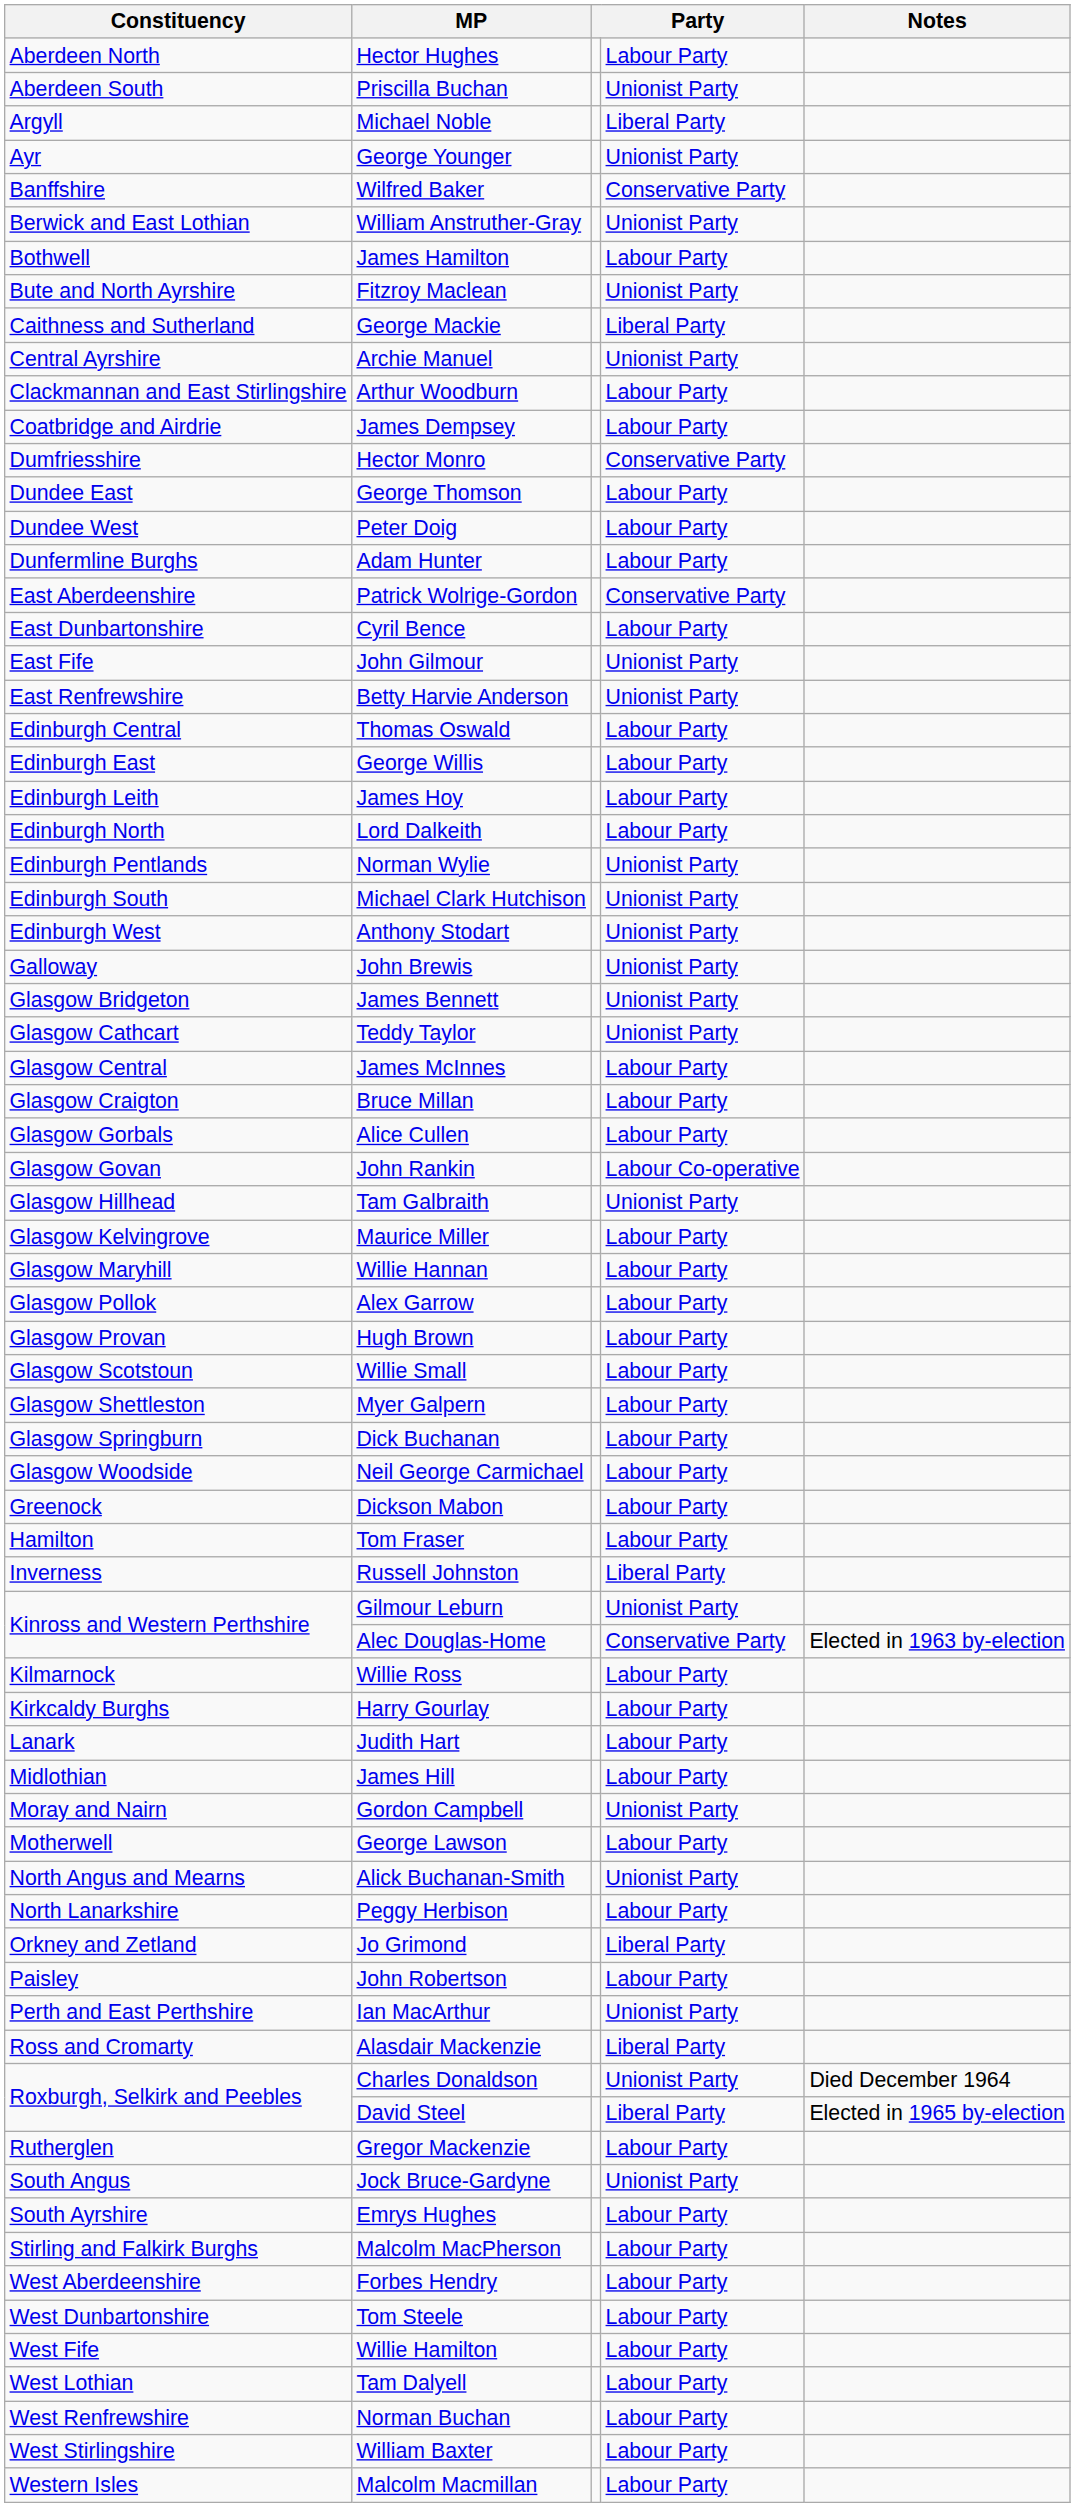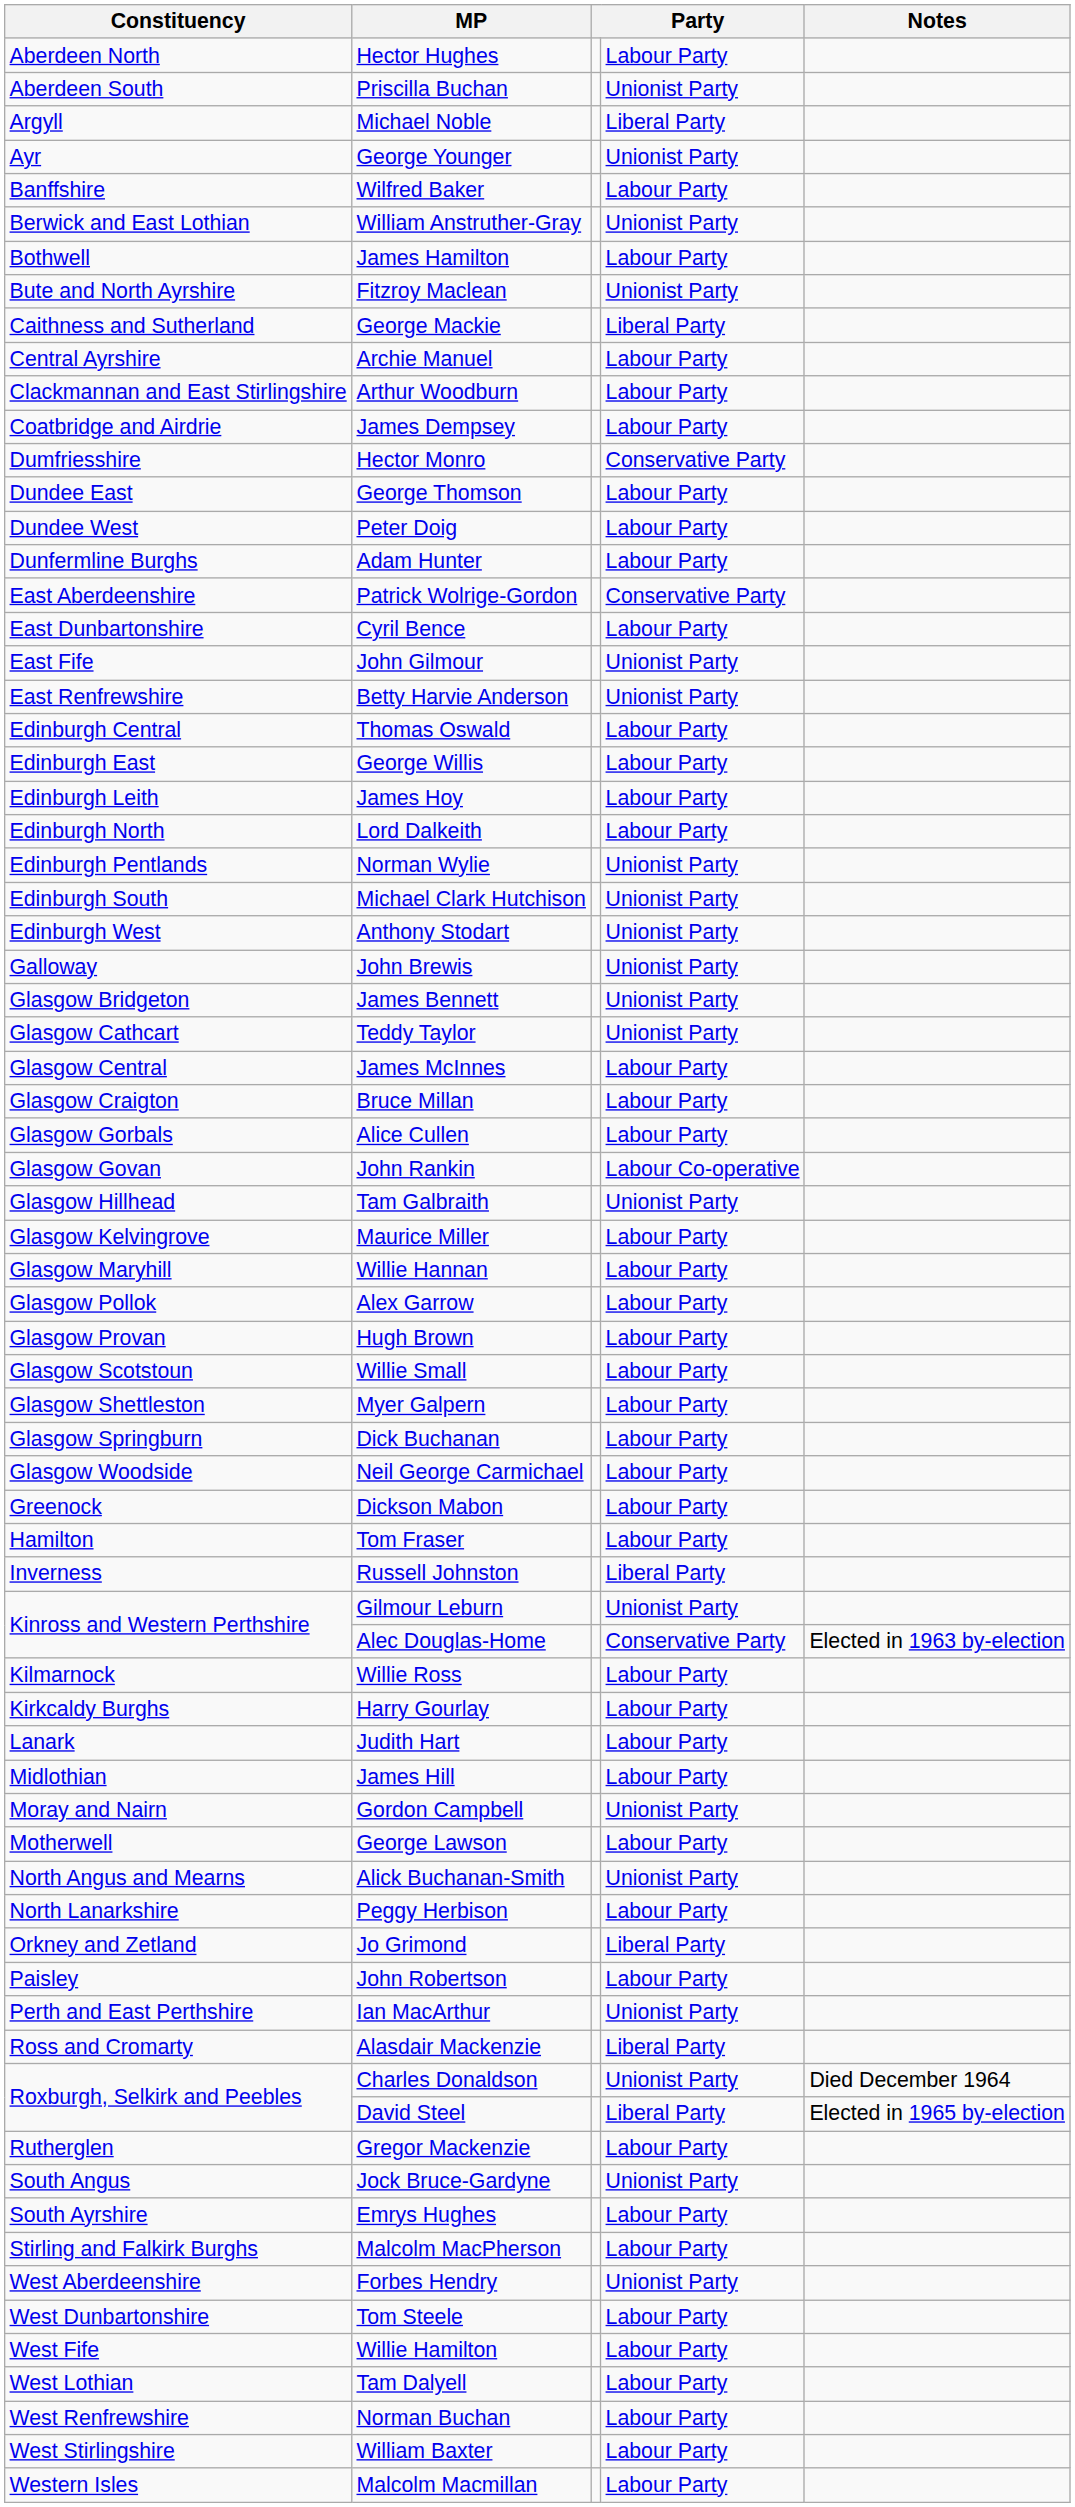 <table class="wikitable sortable">
 <tr>
 <th>Constituency</th>
 <th>MP</th>
 <th colspan="2">Party</th>
 <th>Notes</th>
 </tr>
 <tr>
 <td><a href='#'>Aberdeen North</a></td>
 <td><a href='#'>Hector Hughes</a></td>
 <td style="color:inherit;background:"></td>
 <td><a href='#'>Labour Party</a></td>
 <td></td>
 </tr>
 <tr>
 <td><a href='#'>Aberdeen South</a></td>
 <td><a href='#'>Priscilla Buchan</a></td>
 <td style="color:inherit;background-color: "></td>
 <td><a href='#'>Unionist Party</a></td>
 <td></td>
 </tr>
 <tr>
 <td><a href='#'>Argyll</a></td>
 <td><a href='#'>Michael Noble</a></td>
 <td style="color:inherit;background-color: "></td>
 <td><a href='#'>Liberal Party</a></td>
 <td></td>
 </tr>
 <tr>
 <td><a href='#'>Ayr</a></td>
 <td><a href='#'>George Younger</a></td>
 <td style="color:inherit;background-color: "></td>
 <td><a href='#'>Unionist Party</a></td>
 <td></td>
 </tr>
 <tr>
 <td><a href='#'>Banffshire</a></td>
 <td><a href='#'>Wilfred Baker</a></td>
 <td style="color:inherit;background:"></td>
-<td><a href='#'>Conservative Party</a></td>
+<td><a href='#'>Labour Party</a></td>
 <td></td>
 </tr>
 <tr>
 <td><a href='#'>Berwick and East Lothian</a></td>
 <td><a href='#'>William Anstruther-Gray</a></td>
 <td style="color:inherit;background-color: "></td>
 <td><a href='#'>Unionist Party</a></td>
 <td></td>
 </tr>
 <tr>
 <td><a href='#'>Bothwell</a></td>
 <td><a href='#'>James Hamilton</a></td>
 <td style="color:inherit;background:"></td>
 <td><a href='#'>Labour Party</a></td>
 <td></td>
 </tr>
 <tr>
 <td><a href='#'>Bute and North Ayrshire</a></td>
 <td><a href='#'>Fitzroy Maclean</a></td>
 <td style="color:inherit;background-color: "></td>
 <td><a href='#'>Unionist Party</a></td>
 <td></td>
 </tr>
 <tr>
 <td><a href='#'>Caithness and Sutherland</a></td>
 <td><a href='#'>George Mackie</a></td>
 <td style="background-color: "></td>
 <td><a href='#'>Liberal Party</a></td>
 <td></td>
 </tr>
 <tr>
 <td><a href='#'>Central Ayrshire</a></td>
 <td><a href='#'>Archie Manuel</a></td>
 <td style="color:inherit;background:"></td>
-<td><a href='#'>Unionist Party</a></td>
+<td><a href='#'>Labour Party</a></td>
 <td></td>
 </tr>
 <tr>
 <td><a href='#'>Clackmannan and East Stirlingshire</a></td>
 <td><a href='#'>Arthur Woodburn</a></td>
 <td style="color:inherit;background:"></td>
 <td><a href='#'>Labour Party</a></td>
 <td></td>
 </tr>
 <tr>
 <td><a href='#'>Coatbridge and Airdrie</a></td>
 <td><a href='#'>James Dempsey</a></td>
 <td style="color:inherit;background:"></td>
 <td><a href='#'>Labour Party</a></td>
 <td></td>
 </tr>
 <tr>
 <td><a href='#'>Dumfriesshire</a></td>
 <td><a href='#'>Hector Monro</a></td>
 <td style="color:inherit;background:"></td>
 <td><a href='#'>Conservative Party</a></td>
 <td></td>
 </tr>
 <tr>
 <td><a href='#'>Dundee East</a></td>
 <td><a href='#'>George Thomson</a></td>
 <td style="color:inherit;background:"></td>
 <td><a href='#'>Labour Party</a></td>
 <td></td>
 </tr>
 <tr>
 <td><a href='#'>Dundee West</a></td>
 <td><a href='#'>Peter Doig</a></td>
 <td style="color:inherit;background:"></td>
 <td><a href='#'>Labour Party</a></td>
 <td></td>
 </tr>
 <tr>
 <td><a href='#'>Dunfermline Burghs</a></td>
 <td><a href='#'>Adam Hunter</a></td>
 <td style="color:inherit;background:"></td>
 <td><a href='#'>Labour Party</a></td>
 <td></td>
 </tr>
 <tr>
 <td><a href='#'>East Aberdeenshire</a></td>
 <td><a href='#'>Patrick Wolrige-Gordon</a></td>
 <td style="color:inherit;background:"></td>
 <td><a href='#'>Conservative Party</a></td>
 <td></td>
 </tr>
 <tr>
 <td><a href='#'>East Dunbartonshire</a></td>
 <td><a href='#'>Cyril Bence</a></td>
 <td style="color:inherit;background:"></td>
 <td><a href='#'>Labour Party</a></td>
 <td></td>
 </tr>
 <tr>
 <td><a href='#'>East Fife</a></td>
 <td><a href='#'>John Gilmour</a></td>
 <td style="color:inherit;background-color: "></td>
 <td><a href='#'>Unionist Party</a></td>
 <td></td>
 </tr>
 <tr>
 <td><a href='#'>East Renfrewshire</a></td>
 <td><a href='#'>Betty Harvie Anderson</a></td>
 <td style="color:inherit;background-color: "></td>
 <td><a href='#'>Unionist Party</a></td>
 <td></td>
 </tr>
 <tr>
 <td><a href='#'>Edinburgh Central</a></td>
 <td><a href='#'>Thomas Oswald</a></td>
 <td style="color:inherit;background:"></td>
 <td><a href='#'>Labour Party</a></td>
 <td></td>
 </tr>
 <tr>
 <td><a href='#'>Edinburgh East</a></td>
 <td><a href='#'>George Willis</a></td>
 <td style="color:inherit;background:"></td>
 <td><a href='#'>Labour Party</a></td>
 <td></td>
 </tr>
 <tr>
 <td><a href='#'>Edinburgh Leith</a></td>
 <td><a href='#'>James Hoy</a></td>
 <td style="color:inherit;background:"></td>
 <td><a href='#'>Labour Party</a></td>
 <td></td>
 </tr>
 <tr>
 <td><a href='#'>Edinburgh North</a></td>
 <td><a href='#'>Lord Dalkeith</a></td>
 <td style="color:inherit;background-color: "></td>
 <td><a href='#'>Labour Party</a></td>
 <td></td>
 </tr>
 <tr>
 <td><a href='#'>Edinburgh Pentlands</a></td>
 <td><a href='#'>Norman Wylie</a></td>
 <td style="color:inherit;background-color: "></td>
 <td><a href='#'>Unionist Party</a></td>
 <td></td>
 </tr>
 <tr>
 <td><a href='#'>Edinburgh South</a></td>
 <td><a href='#'>Michael Clark Hutchison</a></td>
 <td style="color:inherit;background-color: "></td>
 <td><a href='#'>Unionist Party</a></td>
 <td></td>
 </tr>
 <tr>
 <td><a href='#'>Edinburgh West</a></td>
 <td><a href='#'>Anthony Stodart</a></td>
 <td style="color:inherit;background-color: "></td>
 <td><a href='#'>Unionist Party</a></td>
 <td></td>
 </tr>
 <tr>
 <td><a href='#'>Galloway</a></td>
 <td><a href='#'>John Brewis</a></td>
 <td style="color:inherit;background-color: "></td>
 <td><a href='#'>Unionist Party</a></td>
 <td></td>
 </tr>
 <tr>
 <td><a href='#'>Glasgow Bridgeton</a></td>
 <td><a href='#'>James Bennett</a></td>
 <td style="color:inherit;background:"></td>
 <td><a href='#'>Unionist Party</a></td>
 <td></td>
 </tr>
 <tr>
 <td><a href='#'>Glasgow Cathcart</a></td>
 <td><a href='#'>Teddy Taylor</a></td>
 <td style="color:inherit;background-color: "></td>
 <td><a href='#'>Unionist Party</a></td>
 <td></td>
 </tr>
 <tr>
 <td><a href='#'>Glasgow Central</a></td>
 <td><a href='#'>James McInnes</a></td>
 <td style="color:inherit;background:"></td>
 <td><a href='#'>Labour Party</a></td>
 <td></td>
 </tr>
 <tr>
 <td><a href='#'>Glasgow Craigton</a></td>
 <td><a href='#'>Bruce Millan</a></td>
 <td style="color:inherit;background:"></td>
 <td><a href='#'>Labour Party</a></td>
 <td></td>
 </tr>
 <tr>
 <td><a href='#'>Glasgow Gorbals</a></td>
 <td><a href='#'>Alice Cullen</a></td>
 <td style="color:inherit;background:"></td>
 <td><a href='#'>Labour Party</a></td>
 <td></td>
 </tr>
 <tr>
 <td><a href='#'>Glasgow Govan</a></td>
 <td><a href='#'>John Rankin</a></td>
 <td style="color:inherit;background:"></td>
 <td><a href='#'>Labour Co-operative</a></td>
 <td></td>
 </tr>
 <tr>
 <td><a href='#'>Glasgow Hillhead</a></td>
 <td><a href='#'>Tam Galbraith</a></td>
 <td style="color:inherit;background-color: "></td>
 <td><a href='#'>Unionist Party</a></td>
 <td></td>
 </tr>
 <tr>
 <td><a href='#'>Glasgow Kelvingrove</a></td>
 <td><a href='#'>Maurice Miller</a></td>
 <td style="color:inherit;background:"></td>
 <td><a href='#'>Labour Party</a></td>
 <td></td>
 </tr>
 <tr>
 <td><a href='#'>Glasgow Maryhill</a></td>
 <td><a href='#'>Willie Hannan</a></td>
 <td style="color:inherit;background:"></td>
 <td><a href='#'>Labour Party</a></td>
 <td></td>
 </tr>
 <tr>
 <td><a href='#'>Glasgow Pollok</a></td>
 <td><a href='#'>Alex Garrow</a></td>
 <td style="color:inherit;background:"></td>
 <td><a href='#'>Labour Party</a></td>
 <td></td>
 </tr>
 <tr>
 <td><a href='#'>Glasgow Provan</a></td>
 <td><a href='#'>Hugh Brown</a></td>
 <td style="color:inherit;background:"></td>
 <td><a href='#'>Labour Party</a></td>
 <td></td>
 </tr>
 <tr>
 <td><a href='#'>Glasgow Scotstoun</a></td>
 <td><a href='#'>Willie Small</a></td>
 <td style="color:inherit;background:"></td>
 <td><a href='#'>Labour Party</a></td>
 <td></td>
 </tr>
 <tr>
 <td><a href='#'>Glasgow Shettleston</a></td>
 <td><a href='#'>Myer Galpern</a></td>
 <td style="color:inherit;background:"></td>
 <td><a href='#'>Labour Party</a></td>
 <td></td>
 </tr>
 <tr>
 <td><a href='#'>Glasgow Springburn</a></td>
 <td><a href='#'>Dick Buchanan</a></td>
 <td style="color:inherit;background:"></td>
 <td><a href='#'>Labour Party</a></td>
 <td></td>
 </tr>
 <tr>
 <td><a href='#'>Glasgow Woodside</a></td>
 <td><a href='#'>Neil George Carmichael</a></td>
 <td style="color:inherit;background:"></td>
 <td><a href='#'>Labour Party</a></td>
 <td></td>
 </tr>
 <tr>
 <td><a href='#'>Greenock</a></td>
 <td><a href='#'>Dickson Mabon</a></td>
 <td style="color:inherit;background:"></td>
 <td><a href='#'>Labour Party</a></td>
 <td></td>
 </tr>
 <tr>
 <td><a href='#'>Hamilton</a></td>
 <td><a href='#'>Tom Fraser</a></td>
 <td style="color:inherit;background:"></td>
 <td><a href='#'>Labour Party</a></td>
 <td></td>
 </tr>
 <tr>
 <td><a href='#'>Inverness</a></td>
 <td><a href='#'>Russell Johnston</a></td>
 <td style="background-color: "></td>
 <td><a href='#'>Liberal Party</a></td>
 <td></td>
 </tr>
 <tr>
 <td rowspan="2"><a href='#'>Kinross and Western Perthshire</a></td>
 <td><a href='#'>Gilmour Leburn</a></td>
 <td style="color:inherit;background-color: "></td>
 <td><a href='#'>Unionist Party</a></td>
 <td></td>
 </tr>
 <tr>
 <td><a href='#'>Alec Douglas-Home</a></td>
 <td style="color:inherit;background:"></td>
 <td><a href='#'>Conservative Party</a></td>
 <td>Elected in <a href='#'>1963 by-election</a></td>
 </tr>
 <tr>
 <td><a href='#'>Kilmarnock</a></td>
 <td><a href='#'>Willie Ross</a></td>
 <td style="color:inherit;background:"></td>
 <td><a href='#'>Labour Party</a></td>
 <td></td>
 </tr>
 <tr>
 <td><a href='#'>Kirkcaldy Burghs</a></td>
 <td><a href='#'>Harry Gourlay</a></td>
 <td style="color:inherit;background:"></td>
 <td><a href='#'>Labour Party</a></td>
 <td></td>
 </tr>
 <tr>
 <td><a href='#'>Lanark</a></td>
 <td><a href='#'>Judith Hart</a></td>
 <td style="color:inherit;background:"></td>
 <td><a href='#'>Labour Party</a></td>
 <td></td>
 </tr>
 <tr>
 <td><a href='#'>Midlothian</a></td>
 <td><a href='#'>James Hill</a></td>
 <td style="color:inherit;background:"></td>
 <td><a href='#'>Labour Party</a></td>
 <td></td>
 </tr>
 <tr>
 <td><a href='#'>Moray and Nairn</a></td>
 <td><a href='#'>Gordon Campbell</a></td>
 <td style="color:inherit;background-color: "></td>
 <td><a href='#'>Unionist Party</a></td>
 <td></td>
 </tr>
 <tr>
 <td><a href='#'>Motherwell</a></td>
 <td><a href='#'>George Lawson</a></td>
 <td style="color:inherit;background:"></td>
 <td><a href='#'>Labour Party</a></td>
 <td></td>
 </tr>
 <tr>
 <td><a href='#'>North Angus and Mearns</a></td>
 <td><a href='#'>Alick Buchanan-Smith</a></td>
 <td style="color:inherit;background-color: "></td>
 <td><a href='#'>Unionist Party</a></td>
 <td></td>
 </tr>
 <tr>
 <td><a href='#'>North Lanarkshire</a></td>
 <td><a href='#'>Peggy Herbison</a></td>
 <td style="color:inherit;background:"></td>
 <td><a href='#'>Labour Party</a></td>
 <td></td>
 </tr>
 <tr>
 <td><a href='#'>Orkney and Zetland</a></td>
 <td><a href='#'>Jo Grimond</a></td>
 <td style="background-color: "></td>
 <td><a href='#'>Liberal Party</a></td>
 <td></td>
 </tr>
 <tr>
 <td><a href='#'>Paisley</a></td>
 <td><a href='#'>John Robertson</a></td>
 <td style="color:inherit;background:"></td>
 <td><a href='#'>Labour Party</a></td>
 <td></td>
 </tr>
 <tr>
 <td><a href='#'>Perth and East Perthshire</a></td>
 <td><a href='#'>Ian MacArthur</a></td>
 <td style="color:inherit;background-color: "></td>
 <td><a href='#'>Unionist Party</a></td>
 <td></td>
 </tr>
 <tr>
 <td><a href='#'>Ross and Cromarty</a></td>
 <td><a href='#'>Alasdair Mackenzie</a></td>
 <td style="background-color: "></td>
 <td><a href='#'>Liberal Party</a></td>
 <td></td>
 </tr>
 <tr>
 <td rowspan="2"><a href='#'>Roxburgh, Selkirk and Peebles</a></td>
 <td><a href='#'>Charles Donaldson</a></td>
 <td style="color:inherit;background-color: "></td>
 <td><a href='#'>Unionist Party</a></td>
 <td>Died December 1964</td>
 </tr>
 <tr>
 <td><a href='#'>David Steel</a></td>
 <td style="background-color: "></td>
 <td><a href='#'>Liberal Party</a></td>
 <td>Elected in <a href='#'>1965 by-election</a></td>
 </tr>
 <tr>
 <td><a href='#'>Rutherglen</a></td>
 <td><a href='#'>Gregor Mackenzie</a></td>
 <td style="color:inherit;background:"></td>
 <td><a href='#'>Labour Party</a></td>
 <td></td>
 </tr>
 <tr>
 <td><a href='#'>South Angus</a></td>
 <td><a href='#'>Jock Bruce-Gardyne</a></td>
 <td style="color:inherit;background-color: "></td>
 <td><a href='#'>Unionist Party</a></td>
 <td></td>
 </tr>
 <tr>
 <td><a href='#'>South Ayrshire</a></td>
 <td><a href='#'>Emrys Hughes</a></td>
 <td style="color:inherit;background:"></td>
 <td><a href='#'>Labour Party</a></td>
 <td></td>
 </tr>
 <tr>
 <td><a href='#'>Stirling and Falkirk Burghs</a></td>
 <td><a href='#'>Malcolm MacPherson</a></td>
 <td style="color:inherit;background:"></td>
 <td><a href='#'>Labour Party</a></td>
 <td></td>
 </tr>
 <tr>
 <td><a href='#'>West Aberdeenshire</a></td>
 <td><a href='#'>Forbes Hendry</a></td>
 <td style="color:inherit;background-color: "></td>
-<td><a href='#'>Labour Party</a></td>
+<td><a href='#'>Unionist Party</a></td>
 <td></td>
 </tr>
 <tr>
 <td><a href='#'>West Dunbartonshire</a></td>
 <td><a href='#'>Tom Steele</a></td>
 <td style="color:inherit;background:"></td>
 <td><a href='#'>Labour Party</a></td>
 <td></td>
 </tr>
 <tr>
 <td><a href='#'>West Fife</a></td>
 <td><a href='#'>Willie Hamilton</a></td>
 <td style="color:inherit;background:"></td>
 <td><a href='#'>Labour Party</a></td>
 <td></td>
 </tr>
 <tr>
 <td><a href='#'>West Lothian</a></td>
 <td><a href='#'>Tam Dalyell</a></td>
 <td style="color:inherit;background:"></td>
 <td><a href='#'>Labour Party</a></td>
 <td></td>
 </tr>
 <tr>
 <td><a href='#'>West Renfrewshire</a></td>
 <td><a href='#'>Norman Buchan</a></td>
 <td style="color:inherit;background:"></td>
 <td><a href='#'>Labour Party</a></td>
 <td></td>
 </tr>
 <tr>
 <td><a href='#'>West Stirlingshire</a></td>
 <td><a href='#'>William Baxter</a></td>
 <td style="color:inherit;background:"></td>
 <td><a href='#'>Labour Party</a></td>
 <td></td>
 </tr>
 <tr>
 <td><a href='#'>Western Isles</a></td>
 <td><a href='#'>Malcolm Macmillan</a></td>
 <td style="color:inherit;background:"></td>
 <td><a href='#'>Labour Party</a></td>
 <td></td>
 </tr>
 </table>
